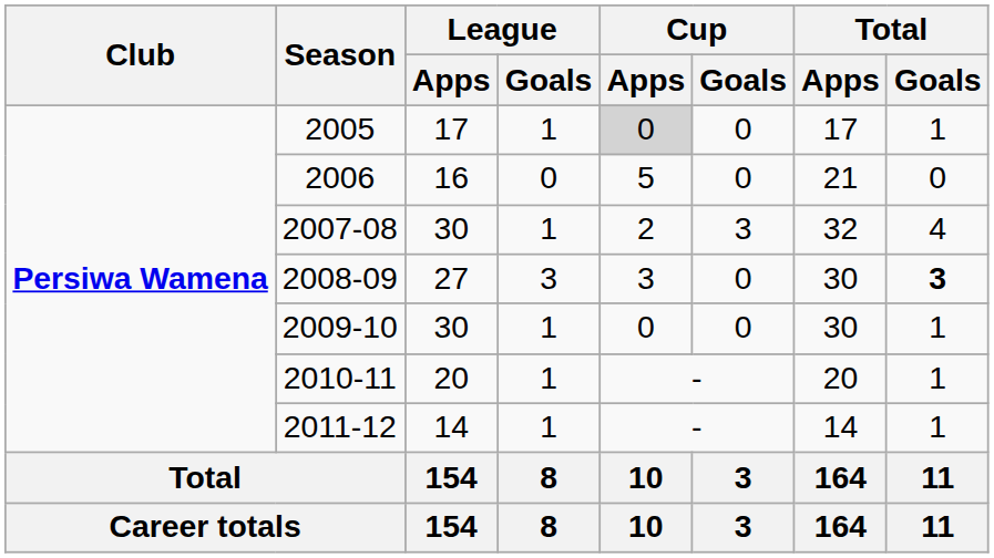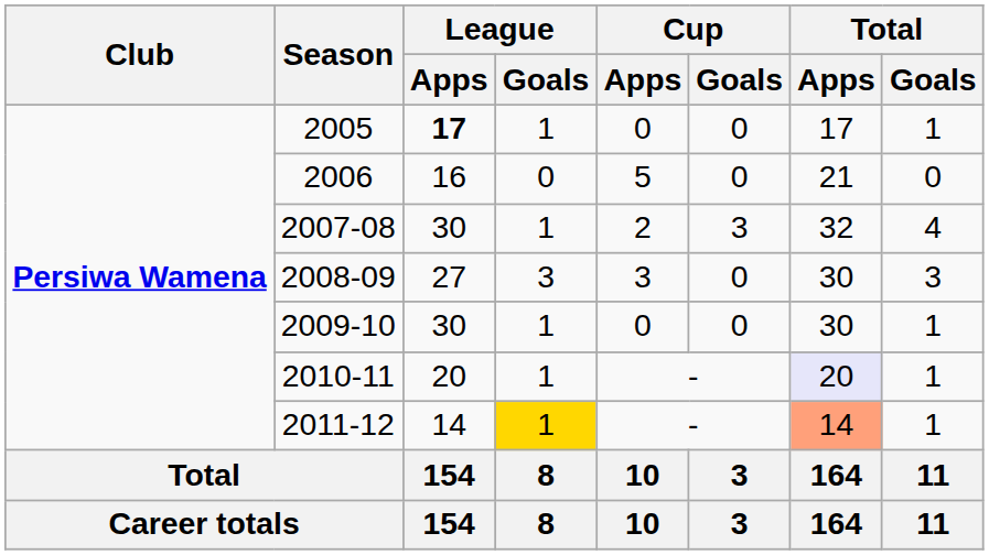 <table class="wikitable" style="text-align: center;">
 <tr>
 <th rowspan=2>Club</th>
 <th rowspan=2>Season</th>
 <th colspan=2>League</th>
 <th colspan=2>Cup</th>
 <th colspan=2>Total</th>
 </tr>
 <tr>
 <th>Apps</th>
 <th>Goals</th>
 <th>Apps</th>
 <th>Goals</th>
 <th>Apps</th>
 <th>Goals</th>
 </tr>
 <tr>
 <td rowspan=7 style="text-align:center;"><strong><a href='#'>Persiwa Wamena</a></strong></td>
 <td !colspan=2>2005</td>
-<td>17</td>
+<td><strong>17</strong></td>
 <td>1</td>
-<td style="background: lightgrey;">0</td>
+<td>0</td>
 <td>0</td>
 <td>17</td>
 <td>1</td>
 </tr>
 <tr>
 <td !colspan=2>2006</td>
 <td>16</td>
 <td>0</td>
 <td>5</td>
 <td>0</td>
 <td>21</td>
 <td>0</td>
 </tr>
 <tr>
 <td !colspan=2>2007-08</td>
 <td>30</td>
 <td>1</td>
 <td>2</td>
 <td>3</td>
 <td>32</td>
 <td>4</td>
 </tr>
 <tr>
 <td !colspan=2>2008-09</td>
 <td>27</td>
 <td>3</td>
 <td>3</td>
 <td>0</td>
 <td>30</td>
-<td><strong>3</strong></td>
+<td>3</td>
 </tr>
 <tr>
 <td !colspan=2>2009-10</td>
 <td>30</td>
 <td>1</td>
 <td>0</td>
 <td>0</td>
 <td>30</td>
 <td>1</td>
 </tr>
 <tr>
 <td !colspan=2>2010-11</td>
 <td>20</td>
 <td>1</td>
 <td colspan=2>-</td>
-<td>20</td>
+<td style="background: lavender;">20</td>
 <td>1</td>
 </tr>
 <tr>
 <td !colspan=2>2011-12</td>
 <td>14</td>
-<td>1</td>
+<td style="background: gold;">1</td>
 <td colspan=2>-</td>
-<td>14</td>
+<td style="background: lightsalmon;">14</td>
 <td>1</td>
 </tr>
 <tr>
 <th colspan=2>Total</th>
 <th>154</th>
 <th>8</th>
 <th>10</th>
 <th>3</th>
 <th>164</th>
 <th>11</th>
 </tr>
 <tr>
 <th colspan=2>Career totals</th>
 <th>154</th>
 <th>8</th>
 <th>10</th>
 <th>3</th>
 <th>164</th>
 <th>11</th>
 </tr>
 </table>
